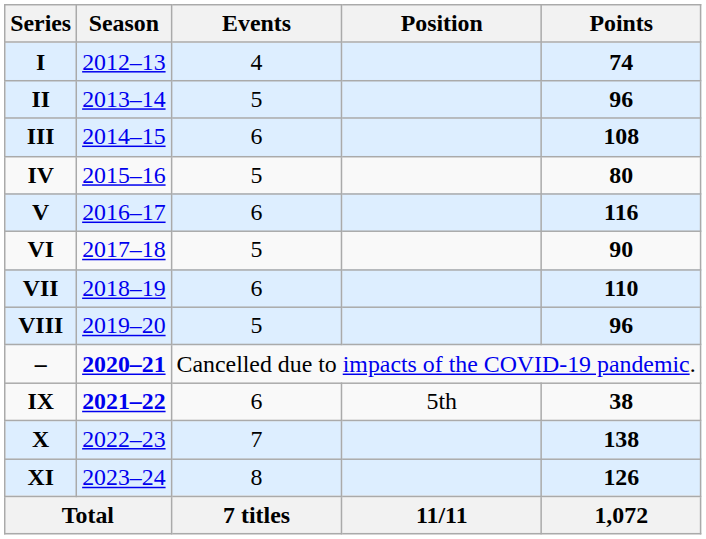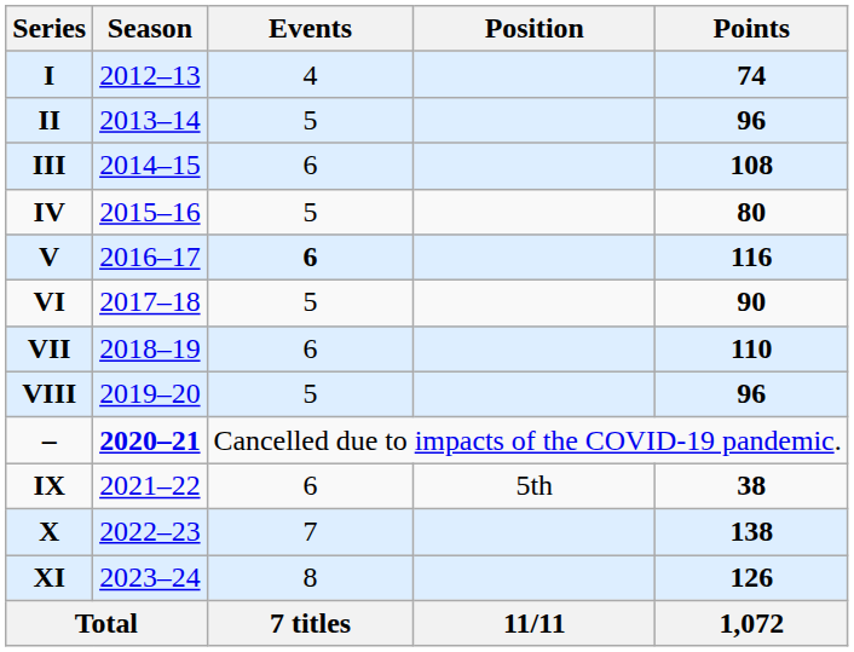 <table class="wikitable" style="text-align: center;">
 <tr>
 <th>Series</th>
 <th>Season</th>
 <th>Events</th>
 <th>Position</th>
 <th>Points</th>
 </tr>
 <tr bgcolor=#ddeeff>
 <td><strong>I</strong></td>
 <td><a href='#'>2012–13</a></td>
 <td align="center">4</td>
 <td></td>
 <td><strong>74</strong></td>
 </tr>
 <tr bgcolor=#ddeeff>
 <td><strong>II</strong></td>
 <td><a href='#'>2013–14</a></td>
 <td align="center">5</td>
 <td></td>
 <td><strong>96</strong></td>
 </tr>
 <tr bgcolor=#ddeeff>
 <td><strong>III</strong></td>
 <td><a href='#'>2014–15</a></td>
 <td align="center">6</td>
 <td></td>
 <td><strong>108</strong></td>
 </tr>
 <tr>
 <td><strong>IV</strong></td>
 <td><a href='#'>2015–16</a></td>
 <td align="center">5</td>
 <td></td>
 <td><strong>80</strong></td>
 </tr>
 <tr bgcolor=#ddeeff>
 <td><strong>V</strong></td>
 <td><a href='#'>2016–17</a></td>
-<td align="center">6</td>
+<td align="center"><strong>6</strong></td>
 <td></td>
 <td><strong>116</strong></td>
 </tr>
 <tr>
 <td><strong>VI</strong></td>
 <td><a href='#'>2017–18</a></td>
 <td align="center">5</td>
 <td></td>
 <td><strong>90</strong></td>
 </tr>
 <tr bgcolor=#ddeeff>
 <td><strong>VII</strong></td>
 <td><a href='#'>2018–19</a></td>
 <td align="center">6</td>
 <td></td>
 <td><strong>110</strong></td>
 </tr>
 <tr bgcolor=#ddeeff>
 <td><strong>VIII</strong></td>
 <td><a href='#'>2019–20</a></td>
 <td>5</td>
 <td></td>
 <td><strong>96</strong></td>
 </tr>
 <tr>
 <td><strong>–</strong></td>
 <td><strong><a href='#'>2020–21</a></strong></td>
 <td colspan=3>Cancelled due to <a href='#'>impacts of the COVID-19 pandemic</a>.</td>
 </tr>
 <tr>
 <td><strong>IX</strong></td>
-<td><strong><a href='#'>2021–22</a></strong></td>
+<td><a href='#'>2021–22</a></td>
 <td>6</td>
 <td>5th</td>
 <td><strong>38</strong></td>
 </tr>
 <tr bgcolor=#ddeeff>
 <td><strong>X</strong></td>
 <td><a href='#'>2022–23</a></td>
 <td>7</td>
 <td></td>
 <td><strong>138</strong></td>
 </tr>
 <tr bgcolor=#ddeeff>
 <td><strong>XI</strong></td>
 <td><a href='#'>2023–24</a></td>
 <td>8</td>
 <td></td>
 <td><strong>126</strong></td>
 </tr>
 <tr>
 <th colspan="2">Total</th>
 <th>7 titles</th>
 <th>11/11</th>
 <th>1,072</th>
 </tr>
 </table>
